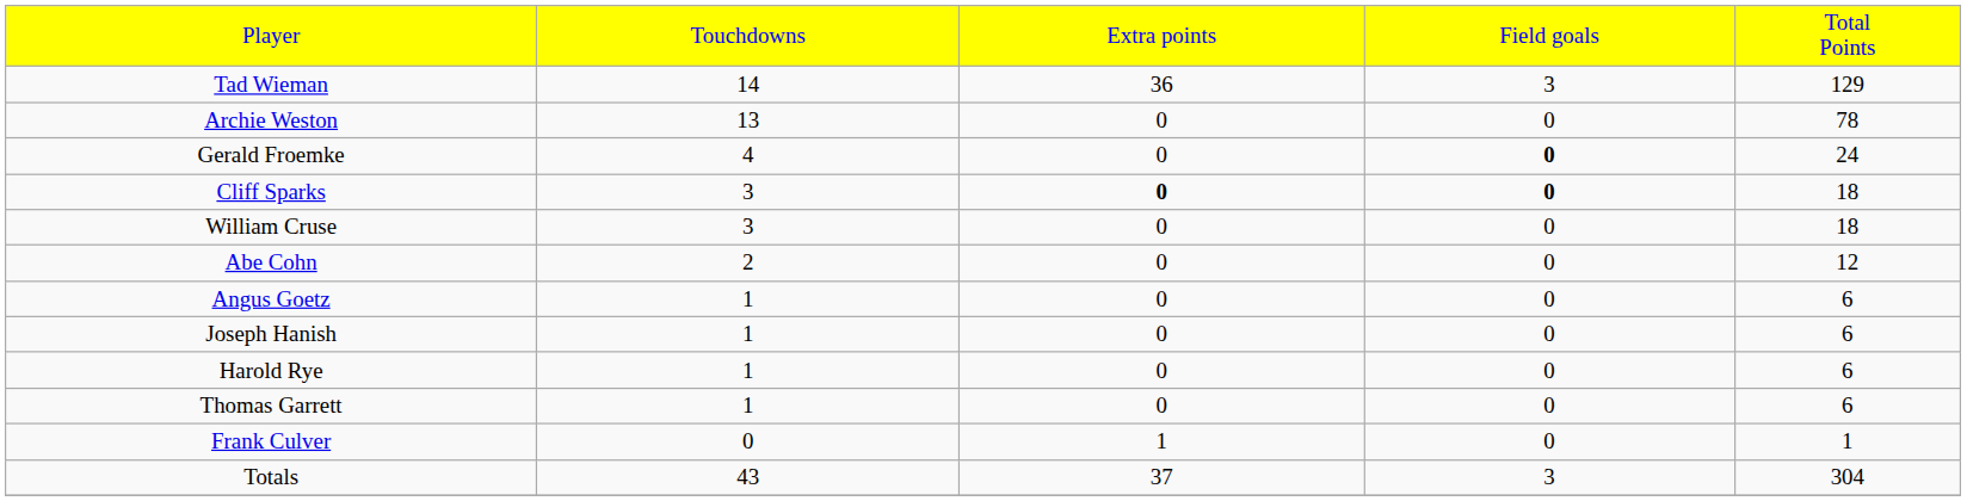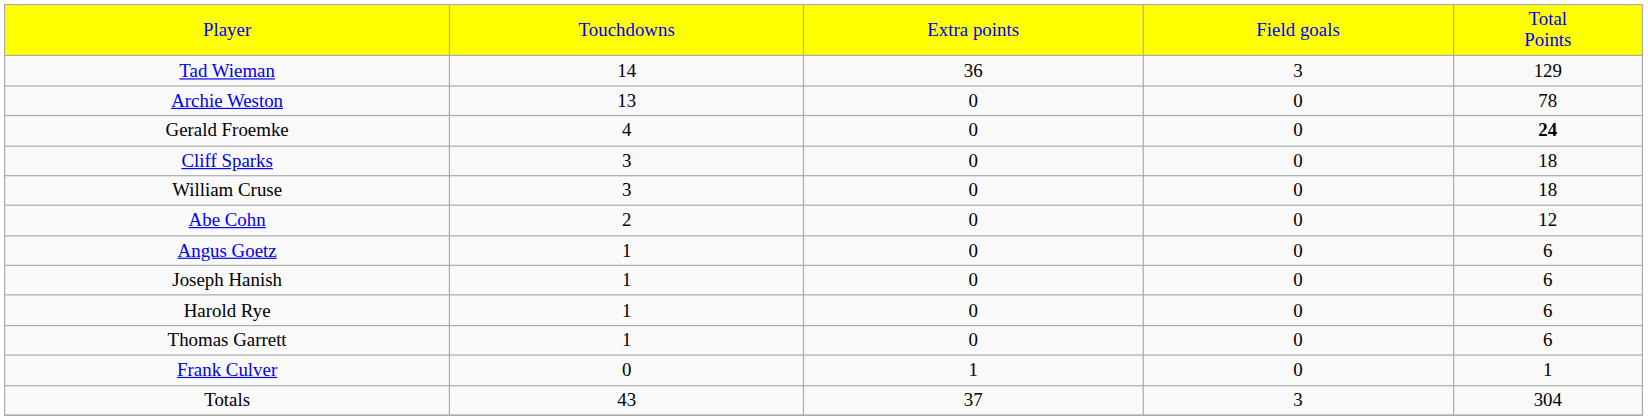 <table class="wikitable" width="70%">
 <tr align="center"  style="background:yellow;color:blue;">
 <td>Player</td>
 <td>Touchdowns</td>
 <td>Extra points</td>
 <td>Field goals</td>
 <td>Total<br>Points</td>
 </tr>
 <tr align="center" bgcolor="">
 <td><a href='#'>Tad Wieman</a></td>
 <td>14</td>
 <td>36</td>
 <td>3</td>
 <td>129</td>
 </tr>
 <tr align="center" bgcolor="">
 <td><a href='#'>Archie Weston</a></td>
 <td>13</td>
 <td>0</td>
 <td>0</td>
 <td>78</td>
 </tr>
 <tr align="center" bgcolor="">
 <td>Gerald Froemke</td>
 <td>4</td>
 <td>0</td>
-<td><strong>0</strong></td>
-<td>24</td>
+<td>0</td>
+<td><strong>24</strong></td>
 </tr>
 <tr align="center" bgcolor="">
 <td><a href='#'>Cliff Sparks</a></td>
 <td>3</td>
-<td><strong>0</strong></td>
-<td><strong>0</strong></td>
+<td>0</td>
+<td>0</td>
 <td>18</td>
 </tr>
 <tr align="center" bgcolor="">
 <td>William Cruse</td>
 <td>3</td>
 <td>0</td>
 <td>0</td>
 <td>18</td>
 </tr>
 <tr align="center" bgcolor="">
 <td><a href='#'>Abe Cohn</a></td>
 <td>2</td>
 <td>0</td>
 <td>0</td>
 <td>12</td>
 </tr>
 <tr align="center" bgcolor="">
 <td><a href='#'>Angus Goetz</a></td>
 <td>1</td>
 <td>0</td>
 <td>0</td>
 <td>6</td>
 </tr>
 <tr align="center" bgcolor="">
 <td>Joseph Hanish</td>
 <td>1</td>
 <td>0</td>
 <td>0</td>
 <td>6</td>
 </tr>
 <tr align="center" bgcolor="">
 <td>Harold Rye</td>
 <td>1</td>
 <td>0</td>
 <td>0</td>
 <td>6</td>
 </tr>
 <tr align="center" bgcolor="">
 <td>Thomas Garrett</td>
 <td>1</td>
 <td>0</td>
 <td>0</td>
 <td>6</td>
 </tr>
 <tr align="center" bgcolor="">
 <td><a href='#'>Frank Culver</a></td>
 <td>0</td>
 <td>1</td>
 <td>0</td>
 <td>1</td>
 </tr>
 <tr align="center" bgcolor="">
 <td>Totals</td>
 <td>43</td>
 <td>37</td>
 <td>3</td>
 <td>304</td>
 </tr>
 <tr align="center" bgcolor="">
 </tr>
 </table>
